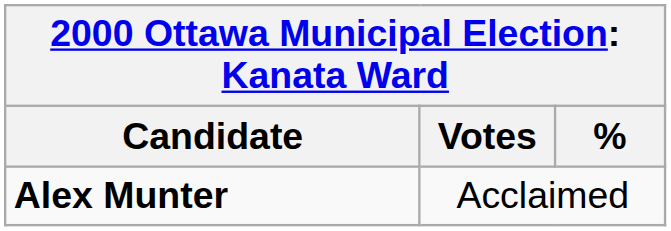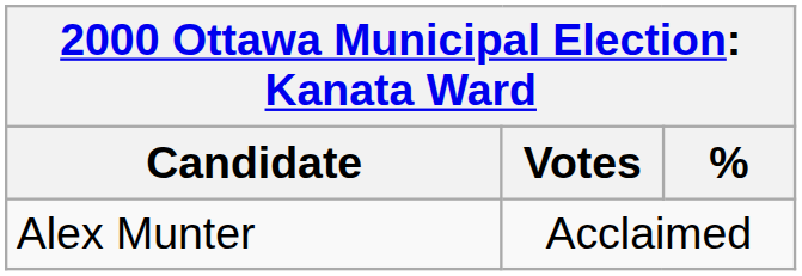 <table class="wikitable">
 <tr>
 <th colspan="3"><a href='#'>2000 Ottawa Municipal Election</a>: <a href='#'>Kanata Ward</a></th>
 </tr>
 <tr>
 <th style="width: 170px">Candidate</th>
 <th style="width: 50px">Votes</th>
 <th style="width: 40px">%</th>
 </tr>
 <tr>
-<td><strong>Alex Munter</strong></td>
+<td>Alex Munter</td>
 <td colspan="2" align="center">Acclaimed</td>
 </tr>
 </table>
